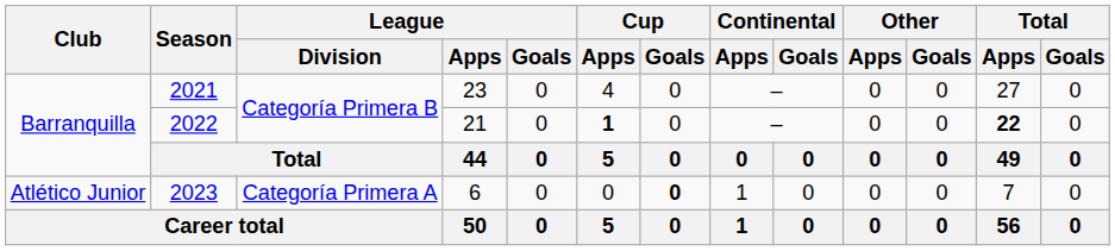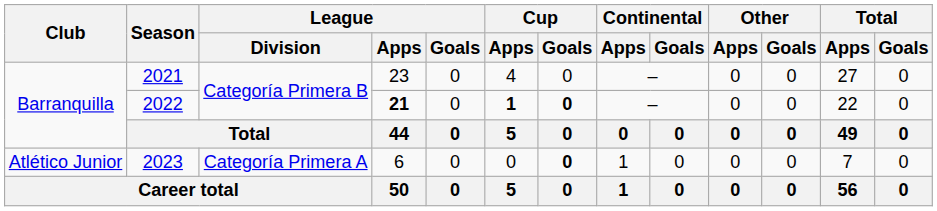 <table class=wikitable style=text-align:center>
 <tr>
 <th rowspan=2>Club</th>
 <th rowspan=2>Season</th>
 <th colspan=3>League</th>
 <th colspan=2>Cup</th>
 <th colspan=2>Continental</th>
 <th colspan=2>Other</th>
 <th colspan=2>Total</th>
 </tr>
 <tr>
 <th>Division</th>
 <th>Apps</th>
 <th>Goals</th>
 <th>Apps</th>
 <th>Goals</th>
 <th>Apps</th>
 <th>Goals</th>
 <th>Apps</th>
 <th>Goals</th>
 <th>Apps</th>
 <th>Goals</th>
 </tr>
 <tr>
 <td rowspan="3"><a href='#'>Barranquilla</a></td>
 <td><a href='#'>2021</a></td>
 <td rowspan="2"><a href='#'>Categoría Primera B</a></td>
 <td>23</td>
 <td>0</td>
 <td>4</td>
 <td>0</td>
 <td colspan="2">–</td>
 <td>0</td>
 <td>0</td>
 <td>27</td>
 <td>0</td>
 </tr>
 <tr>
 <td><a href='#'>2022</a></td>
-<td>21</td>
+<td><strong>21</strong></td>
 <td>0</td>
 <td><strong>1</strong></td>
-<td>0</td>
+<td><strong>0</strong></td>
 <td colspan="2">–</td>
 <td>0</td>
 <td>0</td>
-<td><strong>22</strong></td>
+<td>22</td>
 <td>0</td>
 </tr>
 <tr>
 <th colspan=2>Total</th>
 <th>44</th>
 <th>0</th>
 <th>5</th>
 <th>0</th>
 <th>0</th>
 <th>0</th>
 <th>0</th>
 <th>0</th>
 <th>49</th>
 <th>0</th>
 </tr>
 <tr>
 <td><a href='#'>Atlético Junior</a></td>
 <td><a href='#'>2023</a></td>
 <td><a href='#'>Categoría Primera A</a></td>
 <td>6</td>
 <td>0</td>
 <td>0</td>
 <td><strong>0</strong></td>
 <td>1</td>
 <td>0</td>
 <td>0</td>
 <td>0</td>
 <td>7</td>
 <td>0</td>
 </tr>
 <tr>
 <th colspan=3>Career total</th>
 <th>50</th>
 <th>0</th>
 <th>5</th>
 <th>0</th>
 <th>1</th>
 <th>0</th>
 <th>0</th>
 <th>0</th>
 <th>56</th>
 <th>0</th>
 </tr>
 </table>
